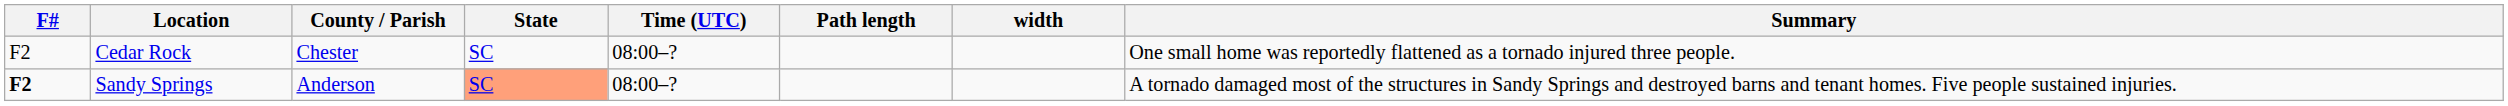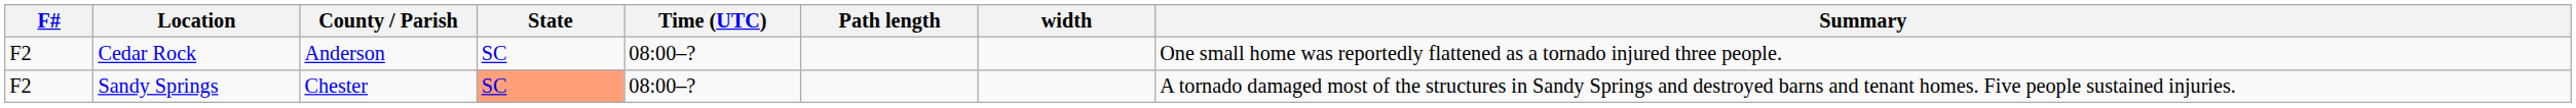 <table class="wikitable sortable" style="width:100%;">
 <tr>
 <th scope="col"  style="width:3%; text-align:center;"><a href='#'>F#</a></th>
 <th scope="col"  style="width:7%; text-align:center;" class="unsortable">Location</th>
 <th scope="col"  style="width:6%; text-align:center;" class="unsortable">County / Parish</th>
 <th scope="col"  style="width:5%; text-align:center;">State</th>
 <th scope="col"  style="width:6%; text-align:center;">Time (<a href='#'>UTC</a>)</th>
 <th scope="col"  style="width:6%; text-align:center;">Path length</th>
 <th scope="col"  style="width:6%; text-align:center;"> width</th>
 <th scope="col" class="unsortable" style="width:48%; text-align:center;">Summary</th>
 </tr>
 <tr>
 <td>F2</td>
 <td><a href='#'>Cedar Rock</a></td>
-<td><a href='#'>Chester</a></td>
+<td><a href='#'>Anderson</a></td>
 <td><a href='#'>SC</a></td>
 <td>08:00–?</td>
 <td></td>
 <td></td>
 <td>One small home was reportedly flattened as a tornado injured three people.</td>
 </tr>
 <tr>
-<td><strong>F2</strong></td>
+<td>F2</td>
 <td><a href='#'>Sandy Springs</a></td>
-<td><a href='#'>Anderson</a></td>
+<td><a href='#'>Chester</a></td>
 <td style="background: lightsalmon;"><a href='#'>SC</a></td>
 <td>08:00–?</td>
 <td></td>
 <td></td>
 <td>A tornado damaged most of the structures in Sandy Springs and destroyed barns and tenant homes. Five people sustained injuries.</td>
 </tr>
 </table>
